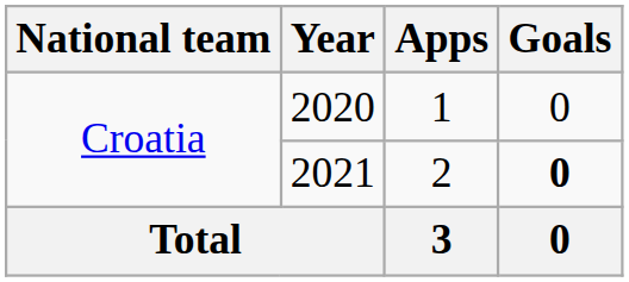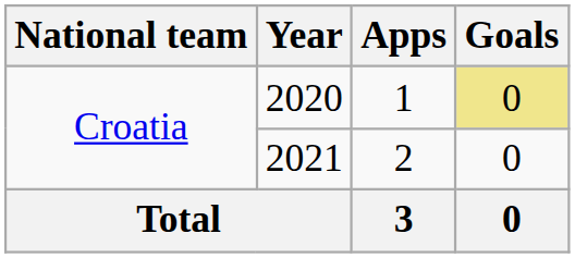 <table class=wikitable style="text-align: center">
 <tr>
 <th>National team</th>
 <th>Year</th>
 <th>Apps</th>
 <th>Goals</th>
 </tr>
 <tr>
 <td rowspan=2><a href='#'>Croatia</a></td>
 <td>2020</td>
 <td>1</td>
-<td>0</td>
+<td style="background: khaki;">0</td>
 </tr>
 <tr>
 <td>2021</td>
 <td>2</td>
-<td><strong>0</strong></td>
+<td>0</td>
 </tr>
 <tr>
 <th colspan=2>Total</th>
 <th>3</th>
 <th>0</th>
 </tr>
 </table>
